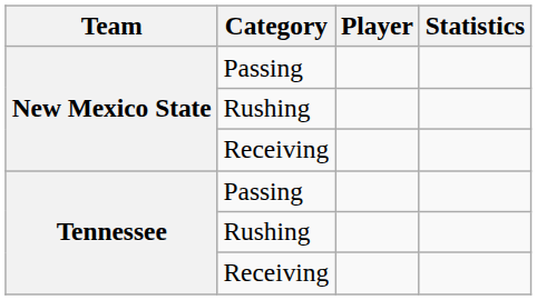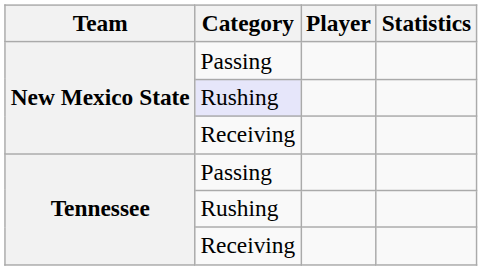 <table class="wikitable" style="float:right">
 <tr>
 <th>Team</th>
 <th>Category</th>
 <th>Player</th>
 <th>Statistics</th>
 </tr>
 <tr>
 <th rowspan=3>New Mexico State</th>
 <td>Passing</td>
 <td></td>
 <td></td>
 </tr>
 <tr>
-<td>Rushing</td>
+<td style="background: lavender;">Rushing</td>
 <td></td>
 <td></td>
 </tr>
 <tr>
 <td>Receiving</td>
 <td></td>
 <td></td>
 </tr>
 <tr>
 <th rowspan=3>Tennessee</th>
 <td>Passing</td>
 <td></td>
 <td></td>
 </tr>
 <tr>
 <td>Rushing</td>
 <td></td>
 <td></td>
 </tr>
 <tr>
 <td>Receiving</td>
 <td></td>
 <td></td>
 </tr>
 </table>
